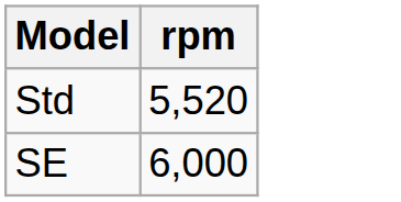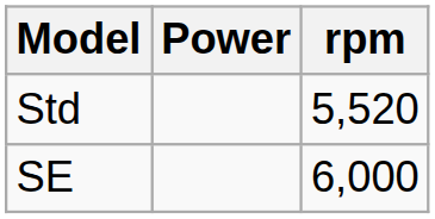 <table class="wikitable" style="display: inline-table;">
 <tr>
 <th>Model</th>
+<th>Power</th>
 <th>rpm</th>
 </tr>
 <tr>
 <td>Std</td>
+<td></td>
 <td>5,520</td>
 </tr>
 <tr>
 <td>SE</td>
+<td></td>
 <td>6,000</td>
 </tr>
 </table>
